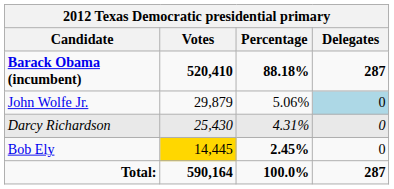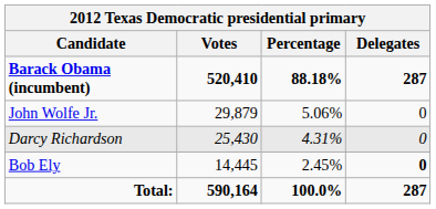 <table class="wikitable" style="font-size:95%;">
 <tr>
 <th colspan="4">2012 Texas Democratic presidential primary</th>
 </tr>
 <tr>
 <th style="width:160px;">Candidate</th>
 <th style="width:75px;">Votes</th>
 <th style="width:75px;">Percentage</th>
 <th style="width:75px;">Delegates</th>
 </tr>
 <tr align="right" >
 <td align="left"><strong> <a href='#'>Barack Obama</a></strong> <strong>(incumbent)</strong></td>
 <td><strong>520,410</strong></td>
 <td><strong>88.18%</strong></td>
 <td><strong>287</strong></td>
 </tr>
 <tr align="right">
 <td align="left"><a href='#'>John Wolfe Jr.</a></td>
 <td>29,879</td>
 <td>5.06%</td>
-<td style="background: lightblue;">0</td>
+<td>0</td>
 </tr>
 <tr align="right" bgcolor="e9e9e9">
 <td align="left"><em>Darcy Richardson</em></td>
 <td><em>25,430</em></td>
 <td><em>4.31%</em></td>
 <td><em>0</em></td>
 </tr>
 <tr align="right">
 <td align="left"><a href='#'>Bob Ely</a></td>
-<td style="background: gold;">14,445</td>
-<td><strong>2.45%</strong></td>
-<td>0</td>
+<td>14,445</td>
+<td>2.45%</td>
+<td><strong>0</strong></td>
 </tr>
 <tr align="right">
 <td><strong>Total:</strong></td>
 <td><strong>590,164</strong></td>
 <td><strong>100.0%</strong></td>
 <td><strong>287</strong></td>
 </tr>
 </table>
